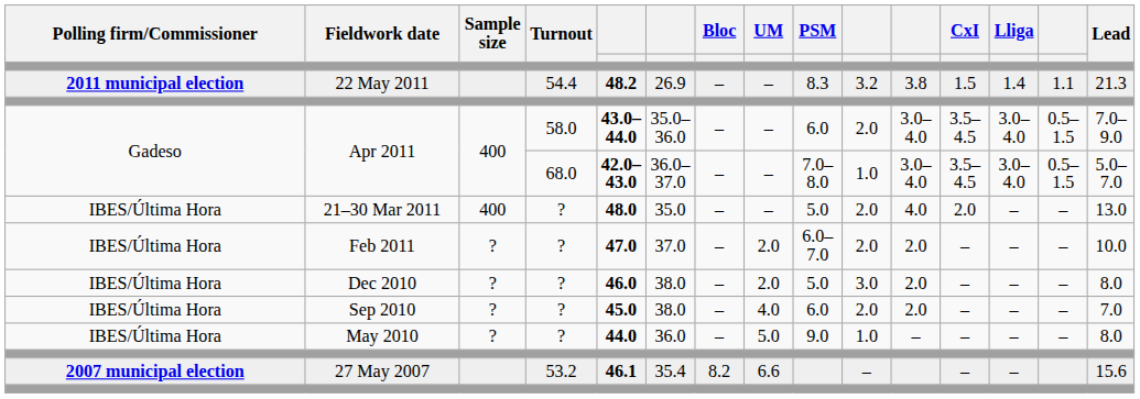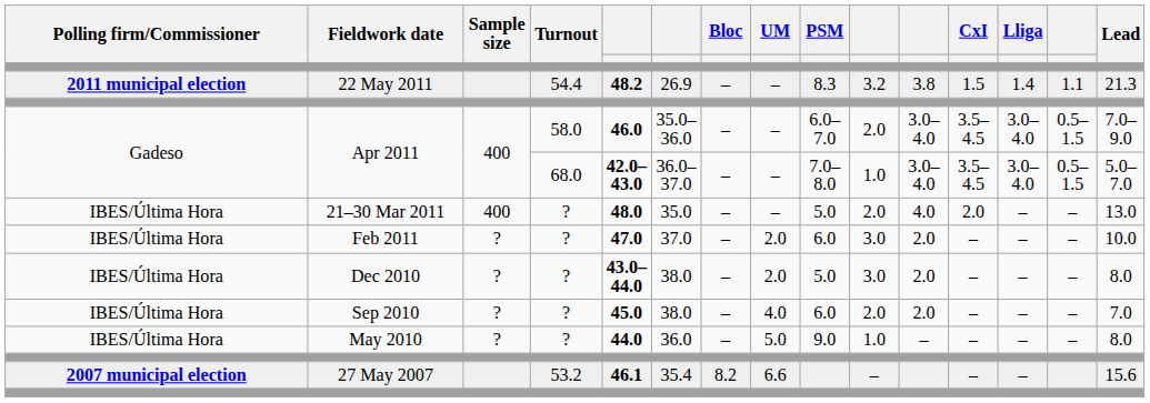 <table class="wikitable collapsible collapsed" style="text-align:center; font-size:95%; line-height:16px;">
 <tr style="height:42px;">
 <th style="width:250px;" rowspan="2">Polling firm/Commissioner</th>
 <th style="width:125px;" rowspan="2">Fieldwork date</th>
 <th style="width:50px;" rowspan="2">Sample size</th>
 <th style="width:45px;" rowspan="2">Turnout</th>
 <th style="width:35px;"></th>
 <th style="width:35px;"></th>
 <th style="width:35px;"><a href='#'>Bloc</a></th>
 <th style="width:35px;"><a href='#'>UM</a></th>
 <th style="width:35px;"><a href='#'>PSM</a></th>
 <th style="width:35px;"></th>
 <th style="width:35px;"></th>
 <th style="width:35px;"><a href='#'>CxI</a></th>
 <th style="width:35px;"><a href='#'>Lliga</a></th>
 <th style="width:35px;"></th>
 <th style="width:30px;" rowspan="2">Lead</th>
 </tr>
 <tr>
 <th style="color:inherit;background:"></th>
 <th style="color:inherit;background:"></th>
 <th style="color:inherit;background:"></th>
 <th style="color:inherit;background:"></th>
 <th style="color:inherit;background:"></th>
 <th style="color:inherit;background:"></th>
 <th style="color:inherit;background:"></th>
 <th style="color:inherit;background:"></th>
 <th style="color:inherit;background:"></th>
 <th style="color:inherit;background:"></th>
 </tr>
 <tr>
 <td colspan="15" style="background:#A0A0A0"></td>
 </tr>
 <tr style="background:#EFEFEF;">
 <td><strong><a href='#'>2011 municipal election</a></strong></td>
 <td>22 May 2011</td>
 <td></td>
 <td>54.4</td>
 <td><strong>48.2</strong><br></td>
 <td>26.9<br></td>
 <td>–</td>
 <td>–</td>
 <td>8.3<br></td>
 <td>3.2<br></td>
 <td>3.8<br></td>
 <td>1.5<br></td>
 <td>1.4<br></td>
 <td>1.1<br></td>
 <td style="background:">21.3</td>
 </tr>
 <tr>
 <td colspan="15" style="background:#A0A0A0"></td>
 </tr>
 <tr>
 <td rowspan="2">Gadeso</td>
 <td rowspan="2">Apr 2011</td>
 <td rowspan="2">400</td>
 <td>58.0</td>
-<td><strong>43.0–<br>44.0</strong><br></td>
+<td><strong>46.0</strong><br></td>
 <td>35.0–<br>36.0<br></td>
 <td>–</td>
 <td>–</td>
-<td>6.0<br></td>
+<td>6.0–<br>7.0<br></td>
 <td>2.0<br></td>
 <td>3.0–<br>4.0<br></td>
 <td>3.5–<br>4.5<br></td>
 <td>3.0–<br>4.0<br></td>
 <td>0.5–<br>1.5<br></td>
 <td style="background:">7.0–<br>9.0</td>
 </tr>
 <tr>
 <td>68.0</td>
 <td><strong>42.0–<br>43.0</strong><br></td>
 <td>36.0–<br>37.0<br></td>
 <td>–</td>
 <td>–</td>
 <td>7.0–<br>8.0<br></td>
 <td>1.0<br></td>
 <td>3.0–<br>4.0<br></td>
 <td>3.5–<br>4.5<br></td>
 <td>3.0–<br>4.0<br></td>
 <td>0.5–<br>1.5<br></td>
 <td style="background:">5.0–<br>7.0</td>
 </tr>
 <tr>
 <td>IBES/Última Hora</td>
 <td>21–30 Mar 2011</td>
 <td>400</td>
 <td>?</td>
 <td><strong>48.0</strong><br></td>
 <td>35.0<br></td>
 <td>–</td>
 <td>–</td>
 <td>5.0<br></td>
 <td>2.0<br></td>
 <td>4.0<br></td>
 <td>2.0<br></td>
 <td>–</td>
 <td>–</td>
 <td style="background:">13.0</td>
 </tr>
 <tr>
 <td>IBES/Última Hora</td>
 <td>Feb 2011</td>
 <td>?</td>
 <td>?</td>
 <td><strong>47.0</strong><br></td>
 <td>37.0<br></td>
 <td>–</td>
 <td>2.0<br></td>
-<td>6.0–<br>7.0<br></td>
-<td>2.0<br></td>
+<td>6.0<br></td>
+<td>3.0<br></td>
 <td>2.0<br></td>
 <td>–</td>
 <td>–</td>
 <td>–</td>
 <td style="background:">10.0</td>
 </tr>
 <tr>
 <td>IBES/Última Hora</td>
 <td>Dec 2010</td>
 <td>?</td>
 <td>?</td>
-<td><strong>46.0</strong><br></td>
+<td><strong>43.0–<br>44.0</strong><br></td>
 <td>38.0<br></td>
 <td>–</td>
 <td>2.0<br></td>
 <td>5.0<br></td>
 <td>3.0<br></td>
 <td>2.0<br></td>
 <td>–</td>
 <td>–</td>
 <td>–</td>
 <td style="background:">8.0</td>
 </tr>
 <tr>
 <td>IBES/Última Hora</td>
 <td>Sep 2010</td>
 <td>?</td>
 <td>?</td>
 <td><strong>45.0</strong><br></td>
 <td>38.0<br></td>
 <td>–</td>
 <td>4.0<br></td>
 <td>6.0<br></td>
 <td>2.0<br></td>
 <td>2.0<br></td>
 <td>–</td>
 <td>–</td>
 <td>–</td>
 <td style="background:">7.0</td>
 </tr>
 <tr>
 <td>IBES/Última Hora</td>
 <td>May 2010</td>
 <td>?</td>
 <td>?</td>
 <td><strong>44.0</strong><br></td>
 <td>36.0<br></td>
 <td>–</td>
 <td>5.0<br></td>
 <td>9.0<br></td>
 <td>1.0<br></td>
 <td>–</td>
 <td>–</td>
 <td>–</td>
 <td>–</td>
 <td style="background:">8.0</td>
 </tr>
 <tr>
 <td colspan="15" style="background:#A0A0A0"></td>
 </tr>
 <tr style="background:#EFEFEF;">
 <td><strong><a href='#'>2007 municipal election</a></strong></td>
 <td>27 May 2007</td>
 <td></td>
 <td>53.2</td>
 <td><strong>46.1</strong><br></td>
 <td>35.4<br></td>
 <td>8.2<br></td>
 <td>6.6<br></td>
 <td></td>
 <td>–</td>
 <td></td>
 <td>–</td>
 <td>–</td>
 <td></td>
 <td style="background:">15.6</td>
 </tr>
 <tr>
 <td colspan="15" style="background:#A0A0A0"></td>
 </tr>
 </table>
